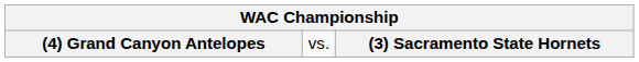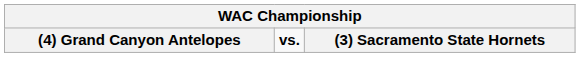 <table class="wikitable">
 <tr>
 <th style="width: 604px;" colspan=3>WAC Championship</th>
 </tr>
 <tr>
 <th style="width: 289px; ">(4) Grand Canyon Antelopes</th>
-<td style="width: 25px; text-align:center">vs.</td>
+<td style="width: 25px; text-align:center"><strong>vs.</strong></td>
 <th style="width: 289px; ">(3) Sacramento State Hornets</th>
 </tr>
 </table>
